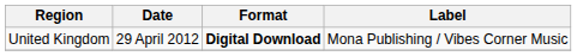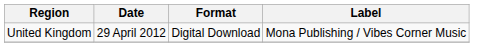 <table class=wikitable>
 <tr>
 <th>Region</th>
 <th>Date</th>
 <th>Format</th>
 <th>Label</th>
 </tr>
 <tr>
 <td>United Kingdom</td>
 <td>29 April 2012</td>
-<td><strong>Digital Download</strong></td>
+<td>Digital Download</td>
 <td>Mona Publishing / Vibes Corner Music</td>
 </tr>
 <tr>
 </tr>
 </table>
